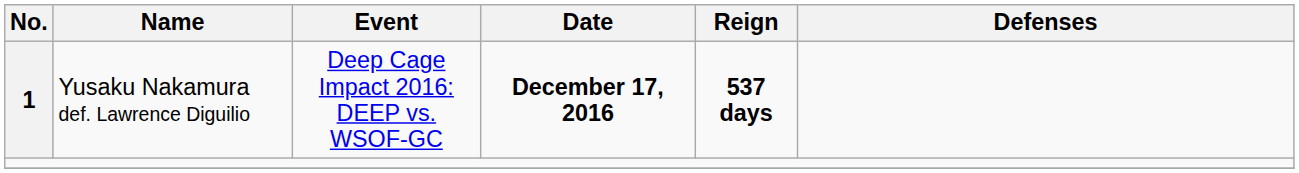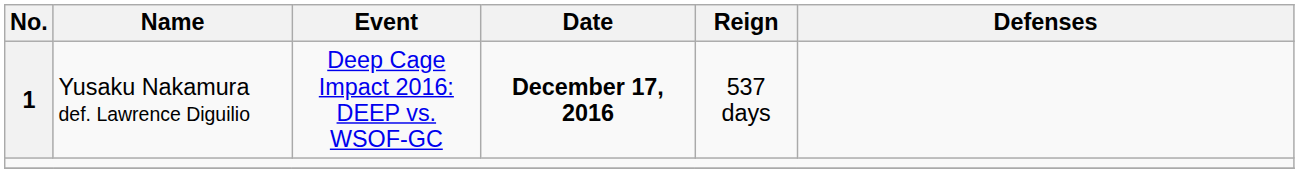 <table class="wikitable" width=100%>
 <tr>
 <th width=1%>No.</th>
 <th width=19%>Name</th>
 <th width=15%>Event</th>
 <th width=17%>Date</th>
 <th width=8%>Reign</th>
 <th width=40%>Defenses</th>
 </tr>
 <tr>
 <th>1</th>
 <td> Yusaku Nakamura <br><small>def. Lawrence Diguilio</small></td>
 <td align=center><a href='#'>Deep Cage Impact 2016: DEEP vs. WSOF-GC</a><br></td>
 <td align=center><strong>December 17, 2016</strong></td>
-<td align=center><strong>537 days</strong></td>
+<td align=center>537 days</td>
 <td></td>
 </tr>
 <tr>
 <td align="center" colspan="6"></td>
 </tr>
 <tr>
 </tr>
 </table>
